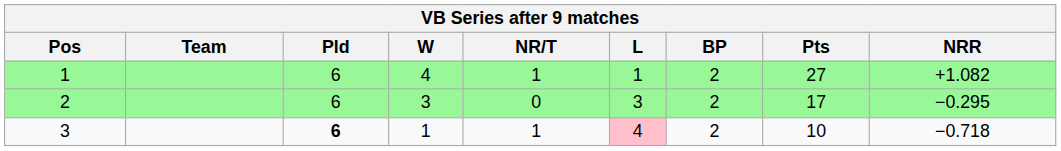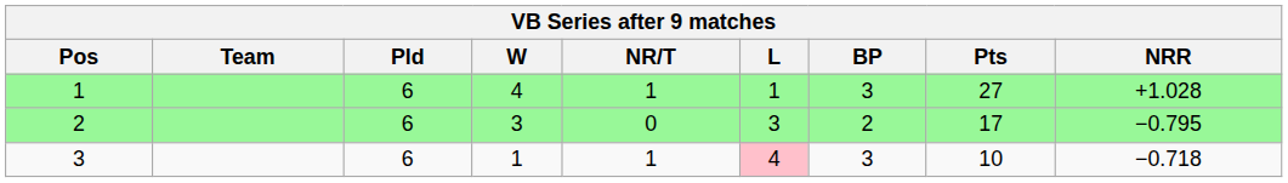 <table class="wikitable" style="width:75%">
 <tr bgcolor="#efefef">
 <th colspan=9>VB Series after 9 matches</th>
 </tr>
 <tr bgcolor="#efefef">
 <th>Pos</th>
 <th>Team</th>
 <th>Pld</th>
 <th>W</th>
 <th>NR/T</th>
 <th>L</th>
 <th>BP</th>
 <th>Pts</th>
 <th>NRR</th>
 </tr>
 <tr bgcolor="#98F898" align="center">
 <td>1</td>
 <td align="left"></td>
 <td>6</td>
 <td>4</td>
 <td>1</td>
 <td>1</td>
-<td>2</td>
+<td>3</td>
 <td>27</td>
-<td>+1.082</td>
+<td>+1.028</td>
 </tr>
 <tr bgcolor="#98F898" align="center">
 <td>2</td>
 <td align="left"></td>
 <td>6</td>
 <td>3</td>
 <td>0</td>
 <td>3</td>
 <td>2</td>
 <td>17</td>
-<td>−0.295</td>
+<td>−0.795</td>
 </tr>
 <tr align="center">
 <td>3</td>
 <td align="left"></td>
-<td><strong>6</strong></td>
+<td>6</td>
 <td>1</td>
 <td>1</td>
 <td style="background: pink;">4</td>
-<td>2</td>
+<td>3</td>
 <td>10</td>
 <td>−0.718</td>
 </tr>
 </table>
